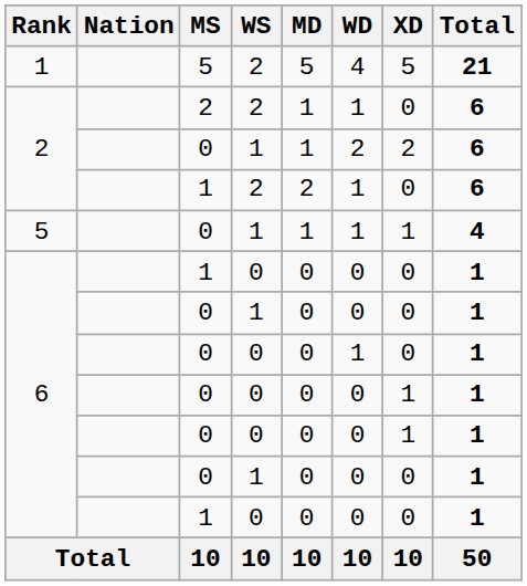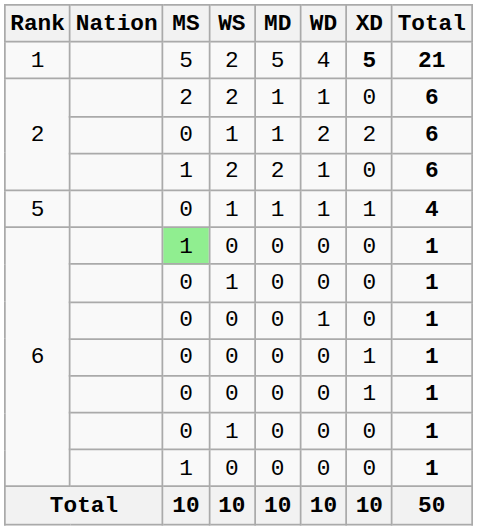 <table class="wikitable" style="text-align:center">
 <tr>
 <th width="20">Rank</th>
 <th>Nation</th>
 <th width="20">MS</th>
 <th width="20">WS</th>
 <th width="20">MD</th>
 <th width="20">WD</th>
 <th width="20">XD</th>
 <th>Total</th>
 </tr>
 <tr>
 <td>1</td>
 <td align=left><strong></strong></td>
 <td>5</td>
 <td>2</td>
 <td>5</td>
 <td>4</td>
-<td>5</td>
+<td><strong>5</strong></td>
 <td><strong>21</strong></td>
 </tr>
 <tr>
 <td rowspan="3">2</td>
 <td align=left></td>
 <td>2</td>
 <td>2</td>
 <td>1</td>
 <td>1</td>
 <td>0</td>
 <td><strong>6</strong></td>
 </tr>
 <tr>
 <td align=left></td>
 <td>0</td>
 <td>1</td>
 <td>1</td>
 <td>2</td>
 <td>2</td>
 <td><strong>6</strong></td>
 </tr>
 <tr>
 <td align=left></td>
 <td>1</td>
 <td>2</td>
 <td>2</td>
 <td>1</td>
 <td>0</td>
 <td><strong>6</strong></td>
 </tr>
 <tr>
 <td>5</td>
 <td align=left></td>
 <td>0</td>
 <td>1</td>
 <td>1</td>
 <td>1</td>
 <td>1</td>
 <td><strong>4</strong></td>
 </tr>
 <tr>
 <td rowspan="7">6</td>
 <td align=left></td>
-<td>1</td>
+<td style="background: lightgreen;">1</td>
 <td>0</td>
 <td>0</td>
 <td>0</td>
 <td>0</td>
 <td><strong>1</strong></td>
 </tr>
 <tr>
 <td align=left></td>
 <td>0</td>
 <td>1</td>
 <td>0</td>
 <td>0</td>
 <td>0</td>
 <td><strong>1</strong></td>
 </tr>
 <tr>
 <td align=left></td>
 <td>0</td>
 <td>0</td>
 <td>0</td>
 <td>1</td>
 <td>0</td>
 <td><strong>1</strong></td>
 </tr>
 <tr>
 <td align=left></td>
 <td>0</td>
 <td>0</td>
 <td>0</td>
 <td>0</td>
 <td>1</td>
 <td><strong>1</strong></td>
 </tr>
 <tr>
 <td align=left></td>
 <td>0</td>
 <td>0</td>
 <td>0</td>
 <td>0</td>
 <td>1</td>
 <td><strong>1</strong></td>
 </tr>
 <tr>
 <td align=left></td>
 <td>0</td>
 <td>1</td>
 <td>0</td>
 <td>0</td>
 <td>0</td>
 <td><strong>1</strong></td>
 </tr>
 <tr>
 <td align=left></td>
 <td>1</td>
 <td>0</td>
 <td>0</td>
 <td>0</td>
 <td>0</td>
 <td><strong>1</strong></td>
 </tr>
 <tr>
 <th colspan="2" align=left>Total</th>
 <th>10</th>
 <th>10</th>
 <th>10</th>
 <th>10</th>
 <th>10</th>
 <th>50</th>
 </tr>
 </table>
